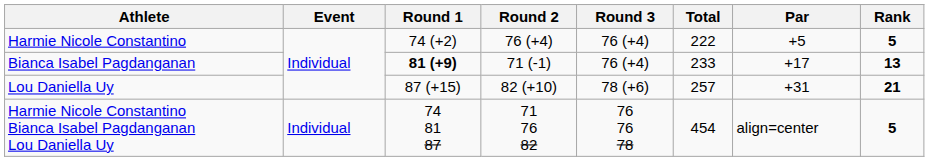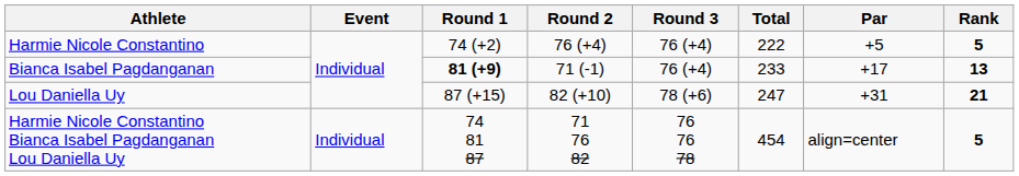 <table class="wikitable" width="70%" style="text-align:left; font-size:90%">
 <tr>
 <th>Athlete</th>
 <th>Event</th>
 <th>Round 1</th>
 <th>Round 2</th>
 <th>Round 3</th>
 <th>Total</th>
 <th>Par</th>
 <th>Rank</th>
 </tr>
 <tr>
 <td><a href='#'>Harmie Nicole Constantino</a></td>
 <td rowspan=3><a href='#'>Individual</a></td>
 <td align=center>74 (+2)</td>
 <td align=center>76 (+4)</td>
 <td align=center>76 (+4)</td>
 <td align=center>222</td>
 <td align=center>+5</td>
 <td align=center><strong>5</strong></td>
 </tr>
 <tr>
 <td><a href='#'>Bianca Isabel Pagdanganan</a></td>
 <td align=center><strong>81 (+9)</strong></td>
 <td align=center>71 (-1)</td>
 <td align=center>76 (+4)</td>
 <td align=center>233</td>
 <td align=center>+17</td>
 <td align=center><strong>13</strong></td>
 </tr>
 <tr>
 <td><a href='#'>Lou Daniella Uy</a></td>
 <td align=center>87 (+15)</td>
 <td align=center>82 (+10)</td>
 <td align=center>78 (+6)</td>
-<td align=center>257</td>
+<td align=center>247</td>
 <td align=center>+31</td>
 <td align=center><strong>21</strong></td>
 </tr>
 <tr>
 <td><a href='#'>Harmie Nicole Constantino</a> <br> <a href='#'>Bianca Isabel Pagdanganan</a> <br> <a href='#'>Lou Daniella Uy</a></td>
 <td><a href='#'>Individual</a></td>
 <td align=center>74 <br> 81 <br> <s>87</s></td>
 <td align=center>71 <br> 76 <br> <s>82</s></td>
 <td align=center>76 <br> 76 <br> <s>78</s></td>
 <td align=center>454</td>
 <td>align=center </td>
 <td align=center><strong>5</strong></td>
 </tr>
 </table>
